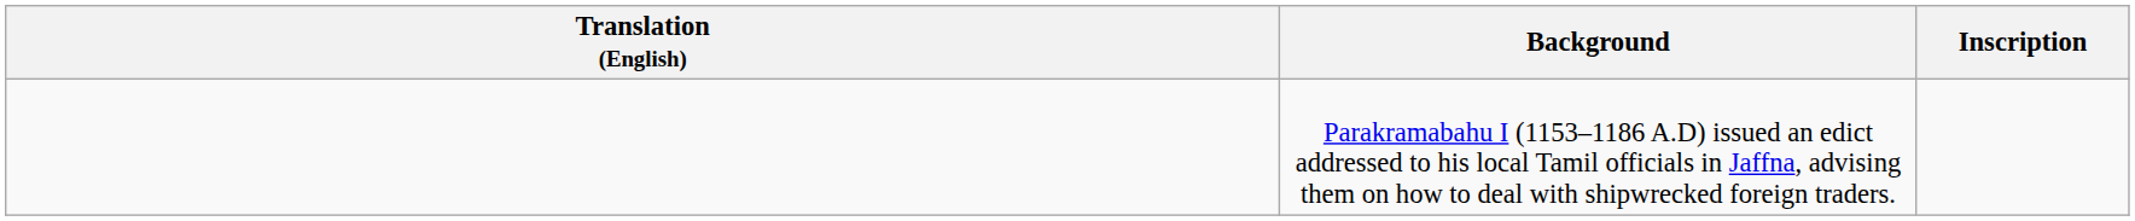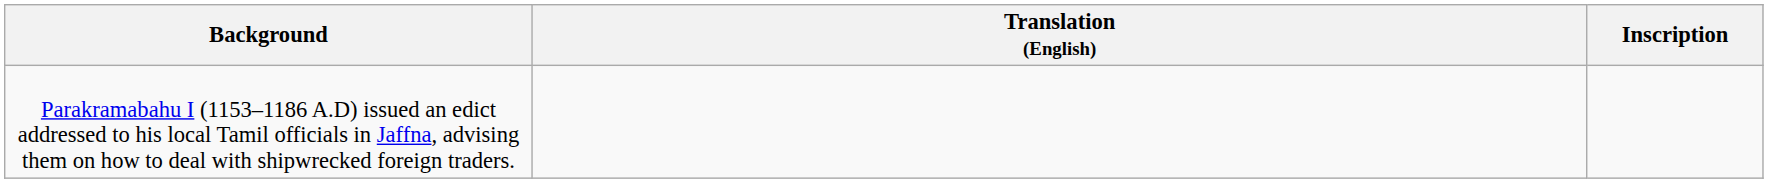 <table class="wikitable centre">
 <tr>
+<th scope="col" align=left>Background<br></th>
 <th>Translation<br><small>(English)</small></th>
-<th scope="col" align=left>Background<br></th>
 <th>Inscription<br></th>
 </tr>
 <tr>
+<td align=center width="30%"><br><a href='#'>Parakramabahu I</a> (1153–1186 A.D) issued an edict addressed to his local Tamil officials in <a href='#'>Jaffna</a>, advising them on how to deal with shipwrecked foreign traders.</td>
 <td align=left><br></td>
-<td align=center width="30%"><br><a href='#'>Parakramabahu I</a> (1153–1186 A.D) issued an edict addressed to his local Tamil officials in <a href='#'>Jaffna</a>, advising them on how to deal with shipwrecked foreign traders.</td>
 <td align=center width="10%"><br></td>
 </tr>
 </table>
